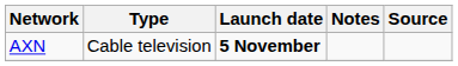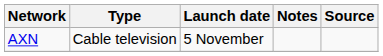 <table class="wikitable sortable">
 <tr>
 <th>Network</th>
 <th>Type</th>
 <th>Launch date</th>
 <th>Notes</th>
 <th>Source</th>
 </tr>
 <tr>
 <td><a href='#'>AXN</a></td>
 <td>Cable television</td>
-<td><strong>5 November</strong></td>
+<td>5 November</td>
 <td></td>
 <td></td>
 </tr>
 <tr>
 </tr>
 </table>
